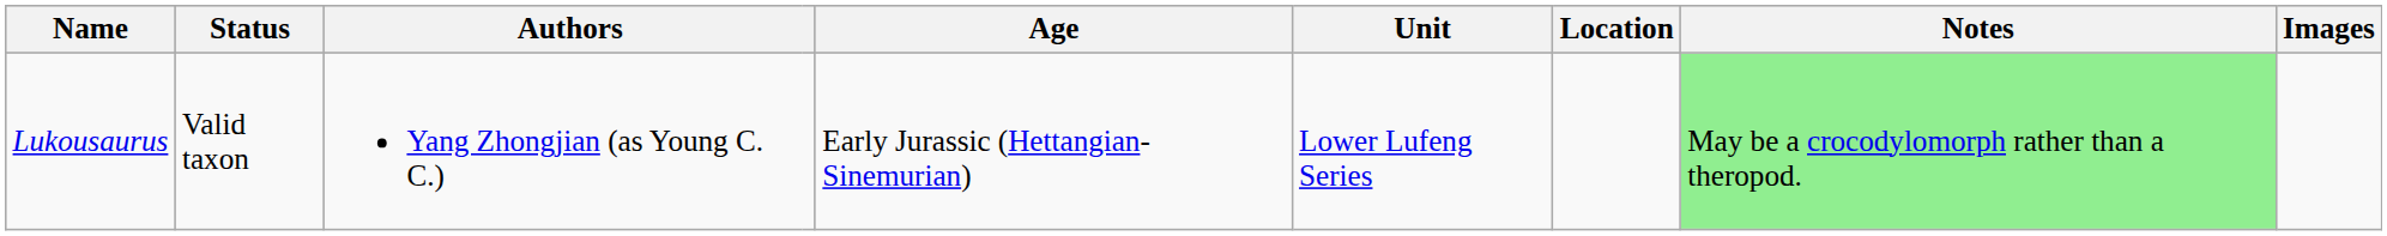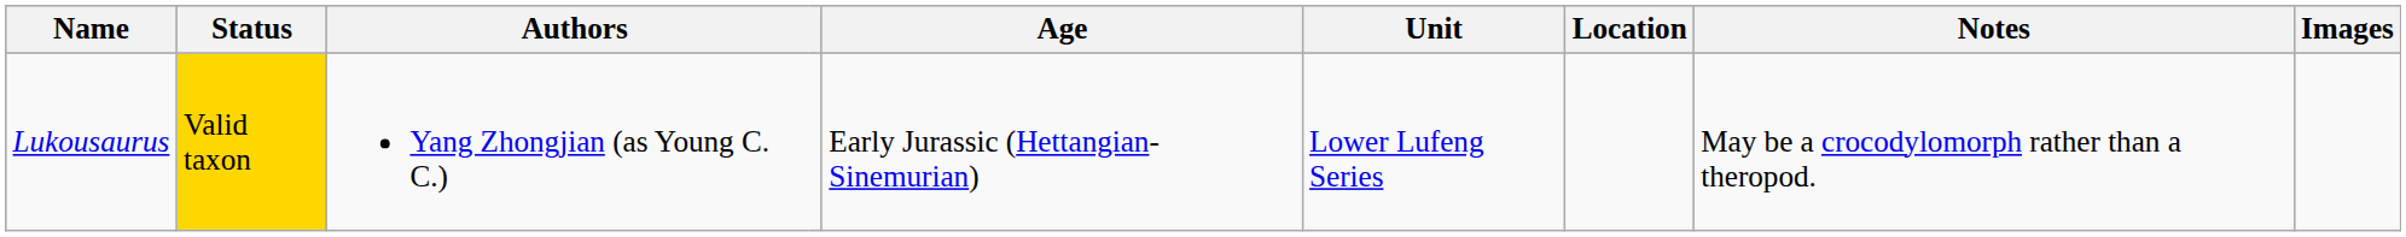 <table class="wikitable sortable" align="center" width="100%">
 <tr>
 <th>Name</th>
 <th>Status</th>
 <th colspan="2">Authors</th>
 <th>Age</th>
 <th>Unit</th>
 <th>Location</th>
 <th class="unsortable">Notes</th>
 <th class="unsortable">Images</th>
 </tr>
 <tr>
 <td><em><a href='#'>Lukousaurus</a></em></td>
-<td>Valid taxon</td>
+<td style="background: gold;">Valid taxon</td>
 <td style="border-right:0px" valign="top"><br><ul><li><a href='#'>Yang Zhongjian</a> (as Young C. C.)</li></ul></td>
 <td style="border-left:0px" valign="top"></td>
 <td><br>Early Jurassic (<a href='#'>Hettangian</a>-<a href='#'>Sinemurian</a>)</td>
 <td><br><a href='#'>Lower Lufeng Series</a></td>
 <td><br></td>
-<td style="background: lightgreen;"><br>May be a <a href='#'>crocodylomorph</a> rather than a theropod.</td>
+<td><br>May be a <a href='#'>crocodylomorph</a> rather than a theropod.</td>
 </tr>
 </table>
